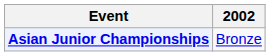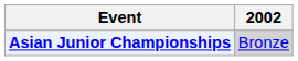 <table class="wikitable" style="font-size: 90%; text-align:center">
 <tr>
 <th>Event</th>
 <th>2002</th>
 </tr>
 <tr>
 <td bgcolor="#ECF2FF"; align="left"><strong><a href='#'>Asian Junior Championships</a></strong></td>
-<td> <a href='#'>Bronze</a></td>
+<td style="background: lightgrey;"> <a href='#'>Bronze</a></td>
 </tr>
 </table>
